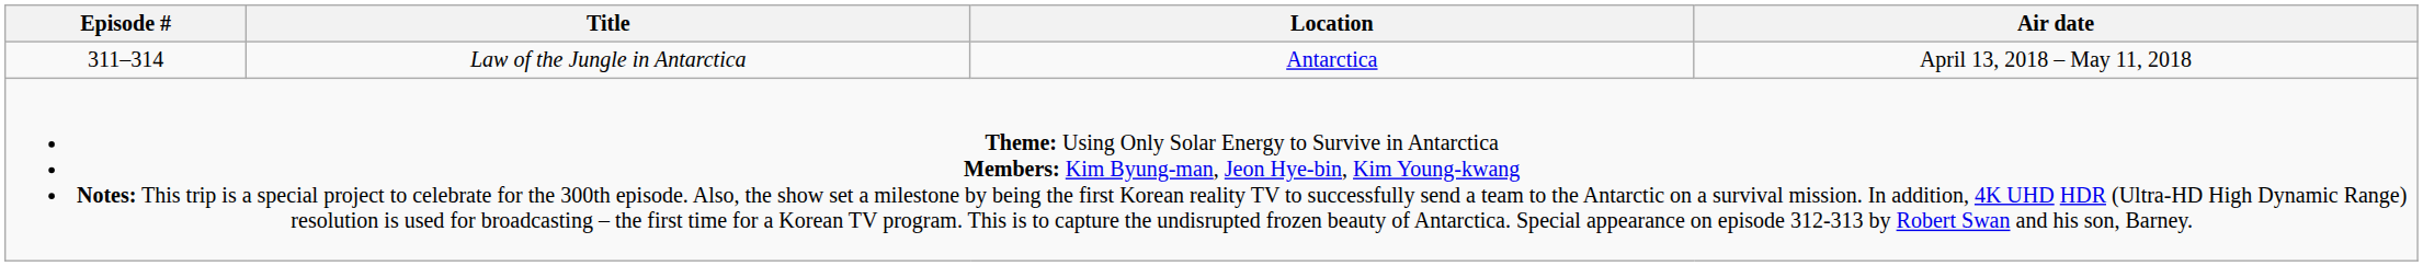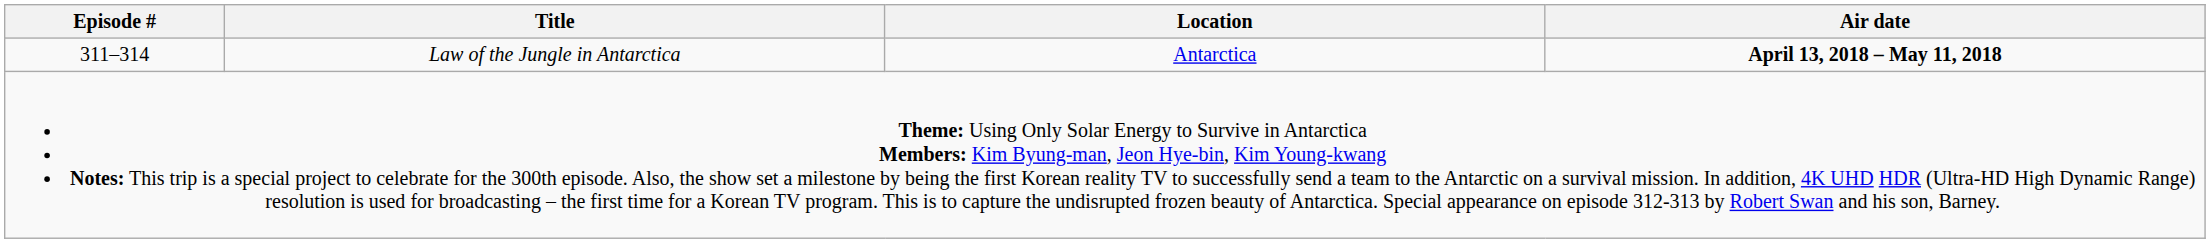 <table class="wikitable" style="text-align:center; font-size:90%; width:100%;">
 <tr>
 <th width="10%">Episode #</th>
 <th width="30%">Title</th>
 <th width="30%">Location</th>
 <th width="30%">Air date</th>
 </tr>
 <tr>
 <td>311–314</td>
 <td><em>Law of the Jungle in Antarctica</em></td>
 <td><a href='#'>Antarctica</a></td>
-<td>April 13, 2018 – May 11, 2018</td>
+<td><strong>April 13, 2018 – May 11, 2018</strong></td>
 </tr>
 <tr>
 <td colspan="4"><br><ul><li><strong>Theme:</strong> Using Only Solar Energy to Survive in Antarctica</li><li><strong>Members:</strong> <a href='#'>Kim Byung-man</a>, <a href='#'>Jeon Hye-bin</a>, <a href='#'>Kim Young-kwang</a></li><li><strong>Notes:</strong> This trip is a special project to celebrate for the 300th episode. Also, the show set a milestone by being the first Korean reality TV to successfully send a team to the Antarctic on a survival mission. In addition, <a href='#'>4K UHD</a> <a href='#'>HDR</a> (Ultra-HD High Dynamic Range) resolution is used for broadcasting – the first time for a Korean TV program. This is to capture the undisrupted frozen beauty of Antarctica. Special appearance on episode 312-313 by <a href='#'>Robert Swan</a> and his son, Barney.</li></ul></td>
 </tr>
 </table>
